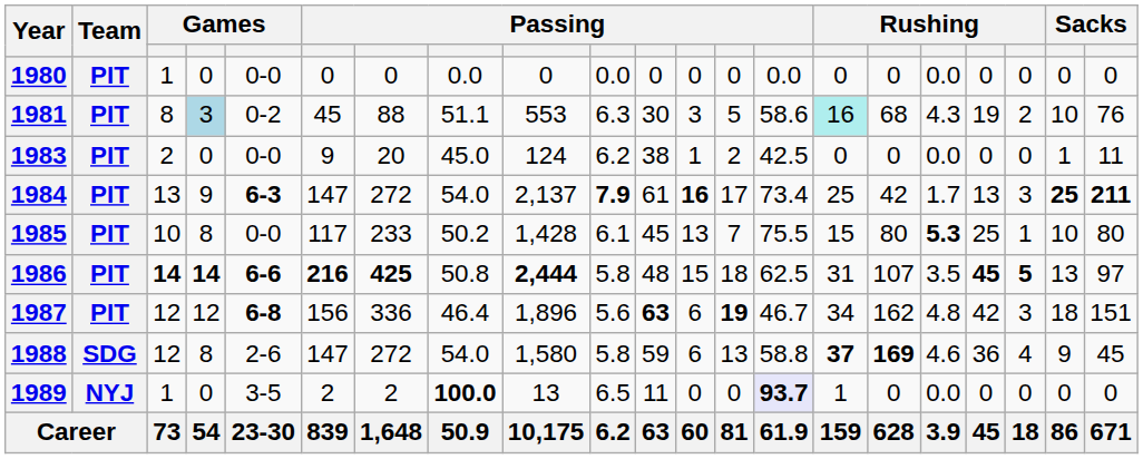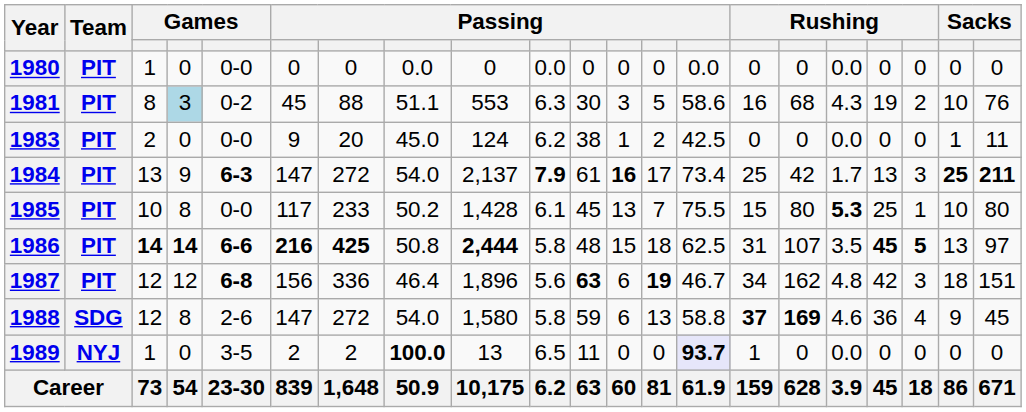 <table class="wikitable" style="text-align:center;">
 <tr>
 <th rowspan="2">Year</th>
 <th rowspan="2">Team</th>
 <th colspan="3">Games</th>
 <th colspan="9">Passing</th>
 <th colspan="5">Rushing</th>
 <th colspan="2">Sacks</th>
 </tr>
 <tr>
 <th></th>
 <th></th>
 <th></th>
 <th></th>
 <th></th>
 <th></th>
 <th></th>
 <th></th>
 <th></th>
 <th></th>
 <th></th>
 <th></th>
 <th></th>
 <th></th>
 <th></th>
 <th></th>
 <th></th>
 <th></th>
 <th></th>
 </tr>
 <tr>
 <th><a href='#'>1980</a></th>
 <th><a href='#'>PIT</a></th>
 <td>1</td>
 <td>0</td>
 <td>0-0</td>
 <td>0</td>
 <td>0</td>
 <td>0.0</td>
 <td>0</td>
 <td>0.0</td>
 <td>0</td>
 <td>0</td>
 <td>0</td>
 <td>0.0</td>
 <td>0</td>
 <td>0</td>
 <td>0.0</td>
 <td>0</td>
 <td>0</td>
 <td>0</td>
 <td>0</td>
 </tr>
 <tr>
 <th><a href='#'>1981</a></th>
 <th><a href='#'>PIT</a></th>
 <td>8</td>
 <td style="background: lightblue;">3</td>
 <td>0-2</td>
 <td>45</td>
 <td>88</td>
 <td>51.1</td>
 <td>553</td>
 <td>6.3</td>
 <td>30</td>
 <td>3</td>
 <td>5</td>
 <td>58.6</td>
-<td style="background: paleturquoise;">16</td>
+<td>16</td>
 <td>68</td>
 <td>4.3</td>
 <td>19</td>
 <td>2</td>
 <td>10</td>
 <td>76</td>
 </tr>
 <tr>
 <th><a href='#'>1983</a></th>
 <th><a href='#'>PIT</a></th>
 <td>2</td>
 <td>0</td>
 <td>0-0</td>
 <td>9</td>
 <td>20</td>
 <td>45.0</td>
 <td>124</td>
 <td>6.2</td>
 <td>38</td>
 <td>1</td>
 <td>2</td>
 <td>42.5</td>
 <td>0</td>
 <td>0</td>
 <td>0.0</td>
 <td>0</td>
 <td>0</td>
 <td>1</td>
 <td>11</td>
 </tr>
 <tr>
 <th><a href='#'>1984</a></th>
 <th><a href='#'>PIT</a></th>
 <td>13</td>
 <td>9</td>
 <td><strong>6-3</strong></td>
 <td>147</td>
 <td>272</td>
 <td>54.0</td>
 <td>2,137</td>
 <td><strong>7.9</strong></td>
 <td>61</td>
 <td><strong>16</strong></td>
 <td>17</td>
 <td>73.4</td>
 <td>25</td>
 <td>42</td>
 <td>1.7</td>
 <td>13</td>
 <td>3</td>
 <td><strong>25</strong></td>
 <td><strong>211</strong></td>
 </tr>
 <tr>
 <th><a href='#'>1985</a></th>
 <th><a href='#'>PIT</a></th>
 <td>10</td>
 <td>8</td>
 <td>0-0</td>
 <td>117</td>
 <td>233</td>
 <td>50.2</td>
 <td>1,428</td>
 <td>6.1</td>
 <td>45</td>
 <td>13</td>
 <td>7</td>
 <td>75.5</td>
 <td>15</td>
 <td>80</td>
 <td><strong>5.3</strong></td>
 <td>25</td>
 <td>1</td>
 <td>10</td>
 <td>80</td>
 </tr>
 <tr>
 <th><a href='#'>1986</a></th>
 <th><a href='#'>PIT</a></th>
 <td><strong>14</strong></td>
 <td><strong>14</strong></td>
 <td><strong>6-6</strong></td>
 <td><strong>216</strong></td>
 <td><strong>425</strong></td>
 <td>50.8</td>
 <td><strong>2,444</strong></td>
 <td>5.8</td>
 <td>48</td>
 <td>15</td>
 <td>18</td>
 <td>62.5</td>
 <td>31</td>
 <td>107</td>
 <td>3.5</td>
 <td><strong>45</strong></td>
 <td><strong>5</strong></td>
 <td>13</td>
 <td>97</td>
 </tr>
 <tr>
 <th><a href='#'>1987</a></th>
 <th><a href='#'>PIT</a></th>
 <td>12</td>
 <td>12</td>
 <td><strong>6-8</strong></td>
 <td>156</td>
 <td>336</td>
 <td>46.4</td>
 <td>1,896</td>
 <td>5.6</td>
 <td><strong>63</strong></td>
 <td>6</td>
 <td><strong>19</strong></td>
 <td>46.7</td>
 <td>34</td>
 <td>162</td>
 <td>4.8</td>
 <td>42</td>
 <td>3</td>
 <td>18</td>
 <td>151</td>
 </tr>
 <tr>
 <th><a href='#'>1988</a></th>
 <th><a href='#'>SDG</a></th>
 <td>12</td>
 <td>8</td>
 <td>2-6</td>
 <td>147</td>
 <td>272</td>
 <td>54.0</td>
 <td>1,580</td>
 <td>5.8</td>
 <td>59</td>
 <td>6</td>
 <td>13</td>
 <td>58.8</td>
 <td><strong>37</strong></td>
 <td><strong>169</strong></td>
 <td>4.6</td>
 <td>36</td>
 <td>4</td>
 <td>9</td>
 <td>45</td>
 </tr>
 <tr>
 <th><a href='#'>1989</a></th>
 <th><a href='#'>NYJ</a></th>
 <td>1</td>
 <td>0</td>
 <td>3-5</td>
 <td>2</td>
 <td>2</td>
 <td><strong>100.0</strong></td>
 <td>13</td>
 <td>6.5</td>
 <td>11</td>
 <td>0</td>
 <td>0</td>
 <td style="background: lavender;"><strong>93.7</strong></td>
 <td>1</td>
 <td>0</td>
 <td>0.0</td>
 <td>0</td>
 <td>0</td>
 <td>0</td>
 <td>0</td>
 </tr>
 <tr>
 <th colspan="2">Career</th>
 <th>73</th>
 <th>54</th>
 <th>23-30</th>
 <th>839</th>
 <th>1,648</th>
 <th>50.9</th>
 <th>10,175</th>
 <th>6.2</th>
 <th>63</th>
 <th>60</th>
 <th>81</th>
 <th>61.9</th>
 <th>159</th>
 <th>628</th>
 <th>3.9</th>
 <th>45</th>
 <th>18</th>
 <th>86</th>
 <th>671</th>
 </tr>
 </table>
